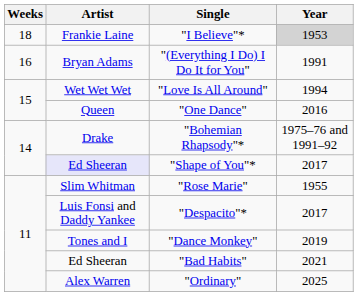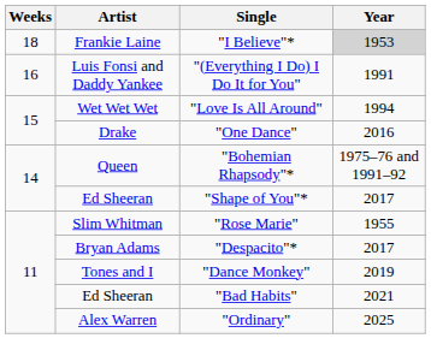 <table class="wikitable sortable"  style="text-align:center; width:70%;">
 <tr>
 <th>Weeks</th>
 <th>Artist</th>
 <th>Single</th>
 <th>Year</th>
 </tr>
 <tr>
 <td>18</td>
 <td><a href='#'>Frankie Laine</a></td>
 <td>"<a href='#'>I Believe</a>"*</td>
 <td style="background: lightgrey;">1953</td>
 </tr>
 <tr>
 <td>16</td>
-<td><a href='#'>Bryan Adams</a></td>
+<td><a href='#'>Luis Fonsi</a> and <a href='#'>Daddy Yankee</a> </td>
 <td>"<a href='#'>(Everything I Do) I Do It for You</a>"</td>
 <td>1991</td>
 </tr>
 <tr>
 <td rowspan="2">15</td>
 <td><a href='#'>Wet Wet Wet</a></td>
 <td>"<a href='#'>Love Is All Around</a>"</td>
 <td>1994</td>
 </tr>
 <tr>
-<td><a href='#'>Queen</a></td>
+<td><a href='#'>Drake</a> </td>
 <td>"<a href='#'>One Dance</a>"</td>
 <td>2016</td>
 </tr>
 <tr>
 <td rowspan="2">14</td>
-<td><a href='#'>Drake</a> </td>
+<td><a href='#'>Queen</a></td>
 <td>"<a href='#'>Bohemian Rhapsody</a>"*</td>
 <td>1975–76 and 1991–92</td>
 </tr>
 <tr>
-<td style="background: lavender;"><a href='#'>Ed Sheeran</a></td>
+<td><a href='#'>Ed Sheeran</a></td>
 <td>"<a href='#'>Shape of You</a>"*</td>
 <td>2017</td>
 </tr>
 <tr>
 <td rowspan="5">11</td>
 <td><a href='#'>Slim Whitman</a></td>
 <td>"<a href='#'>Rose Marie</a>"</td>
 <td>1955</td>
 </tr>
 <tr>
-<td><a href='#'>Luis Fonsi</a> and <a href='#'>Daddy Yankee</a> </td>
+<td><a href='#'>Bryan Adams</a></td>
 <td>"<a href='#'>Despacito</a>"*</td>
 <td>2017</td>
 </tr>
 <tr>
 <td><a href='#'>Tones and I</a></td>
 <td>"<a href='#'>Dance Monkey</a>"</td>
 <td>2019</td>
 </tr>
 <tr>
 <td>Ed Sheeran</td>
 <td>"<a href='#'>Bad Habits</a>"</td>
 <td>2021</td>
 </tr>
 <tr>
 <td><a href='#'>Alex Warren</a></td>
 <td>"<a href='#'>Ordinary</a>"</td>
 <td>2025</td>
 </tr>
 </table>
